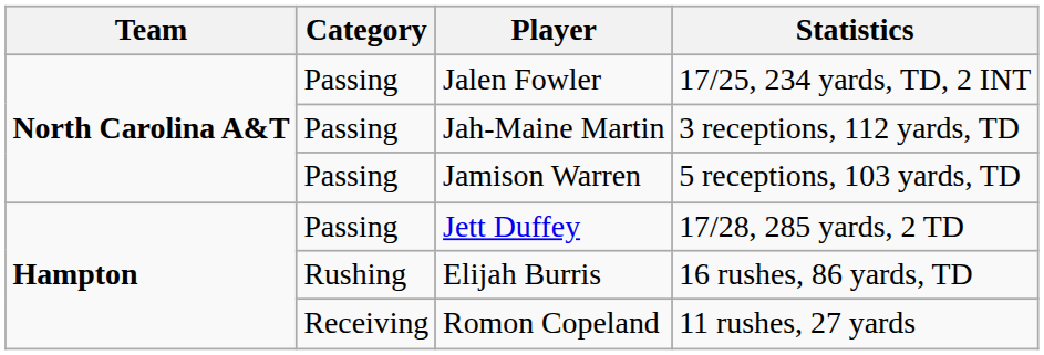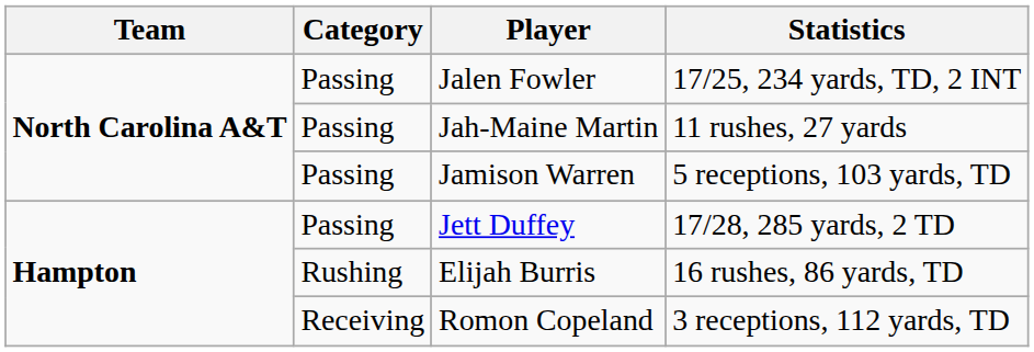 <table class="wikitable" style="float: right;">
 <tr>
 <th>Team</th>
 <th>Category</th>
 <th>Player</th>
 <th>Statistics</th>
 </tr>
 <tr>
 <td rowspan=3><strong>North Carolina A&T</strong></td>
 <td>Passing</td>
 <td>Jalen Fowler</td>
 <td>17/25, 234 yards, TD, 2 INT</td>
 </tr>
 <tr>
 <td>Passing</td>
 <td>Jah-Maine Martin</td>
-<td>3 receptions, 112 yards, TD</td>
+<td>11 rushes, 27 yards</td>
 </tr>
 <tr>
 <td>Passing</td>
 <td>Jamison Warren</td>
 <td>5 receptions, 103 yards, TD</td>
 </tr>
 <tr>
 <td rowspan=3><strong>Hampton</strong></td>
 <td>Passing</td>
 <td><a href='#'>Jett Duffey</a></td>
 <td>17/28, 285 yards, 2 TD</td>
 </tr>
 <tr>
 <td>Rushing</td>
 <td>Elijah Burris</td>
 <td>16 rushes, 86 yards, TD</td>
 </tr>
 <tr>
 <td>Receiving</td>
 <td>Romon Copeland</td>
-<td>11 rushes, 27 yards</td>
+<td>3 receptions, 112 yards, TD</td>
 </tr>
 </table>
